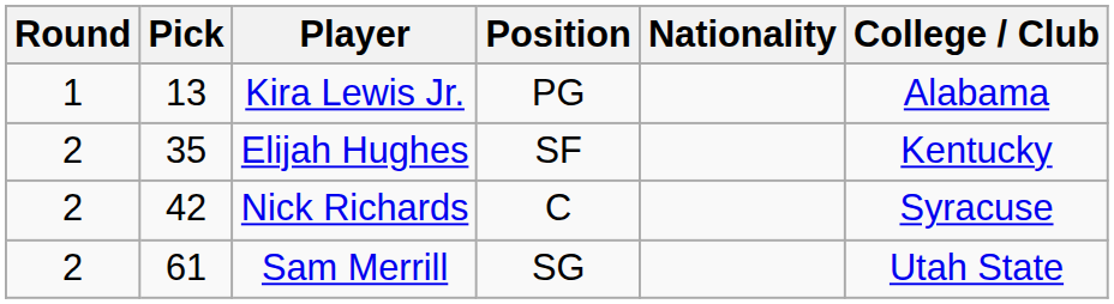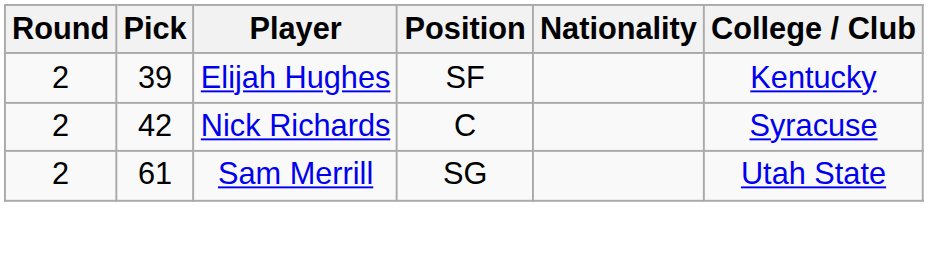 <table class="wikitable sortable sortable">
 <tr>
 <th style="background:#">Round</th>
 <th style="background:#">Pick</th>
 <th style="background:#">Player</th>
 <th style="background:#">Position</th>
 <th style="background:#">Nationality</th>
 <th style="background:#">College / Club</th>
 </tr>
 <tr style="text-align: center">
-<td>1</td>
-<td>13</td>
-<td><a href='#'>Kira Lewis Jr.</a></td>
-<td>PG</td>
-<td></td>
-<td><a href='#'>Alabama</a></td>
-</tr>
-<tr style="text-align: center">
 <td>2</td>
-<td>35</td>
+<td>39</td>
 <td><a href='#'>Elijah Hughes</a></td>
 <td>SF</td>
 <td></td>
 <td><a href='#'>Kentucky</a></td>
 </tr>
 <tr style="text-align: center">
 <td>2</td>
 <td>42</td>
 <td><a href='#'>Nick Richards</a></td>
 <td>C</td>
 <td></td>
 <td><a href='#'>Syracuse</a></td>
 </tr>
 <tr style="text-align: center">
 <td>2</td>
 <td>61</td>
 <td><a href='#'>Sam Merrill</a></td>
 <td>SG</td>
 <td></td>
 <td><a href='#'>Utah State</a></td>
 </tr>
 </table>
